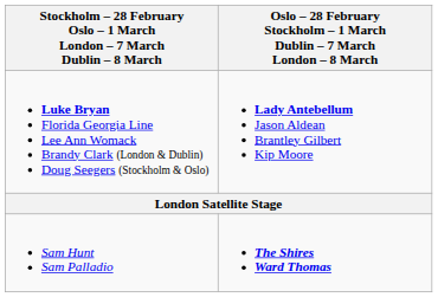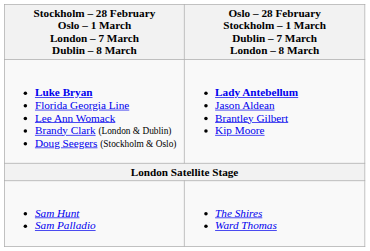 <table class="wikitable">
 <tr>
 <th scope="col" style="width: 250px;">Stockholm – 28 February<br>Oslo – 1 March<br>London – 7 March<br>Dublin – 8 March</th>
 <th scope="col" style="width: 250px;">Oslo – 28 February<br>Stockholm – 1 March<br>Dublin – 7 March<br>London – 8 March</th>
 </tr>
 <tr style="vertical-align: top;">
 <td><br><ul><li><strong><a href='#'>Luke Bryan</a></strong></li><li><a href='#'>Florida Georgia Line</a></li><li><a href='#'>Lee Ann Womack</a></li><li><a href='#'>Brandy Clark</a> <small>(London & Dublin)</small></li><li><a href='#'>Doug Seegers</a> <small>(Stockholm & Oslo)</small></li></ul></td>
 <td><br><ul><li><strong><a href='#'>Lady Antebellum</a></strong></li><li><a href='#'>Jason Aldean</a></li><li><a href='#'>Brantley Gilbert</a></li><li><a href='#'>Kip Moore</a></li></ul></td>
 </tr>
 <tr>
 <th colspan="2">London Satellite Stage</th>
 </tr>
 <tr style="vertical-align: top;">
 <td><br><ul><li><em><a href='#'>Sam Hunt</a></em></li><li><em><a href='#'>Sam Palladio</a></em></li></ul></td>
-<td><strong><br><ul><li><em><a href='#'>The Shires</a></em></li><li><em><a href='#'>Ward Thomas</a></em></li></ul></strong></td>
+<td><br><ul><li><em><a href='#'>The Shires</a></em></li><li><em><a href='#'>Ward Thomas</a></em></li></ul></td>
 </tr>
 </table>
